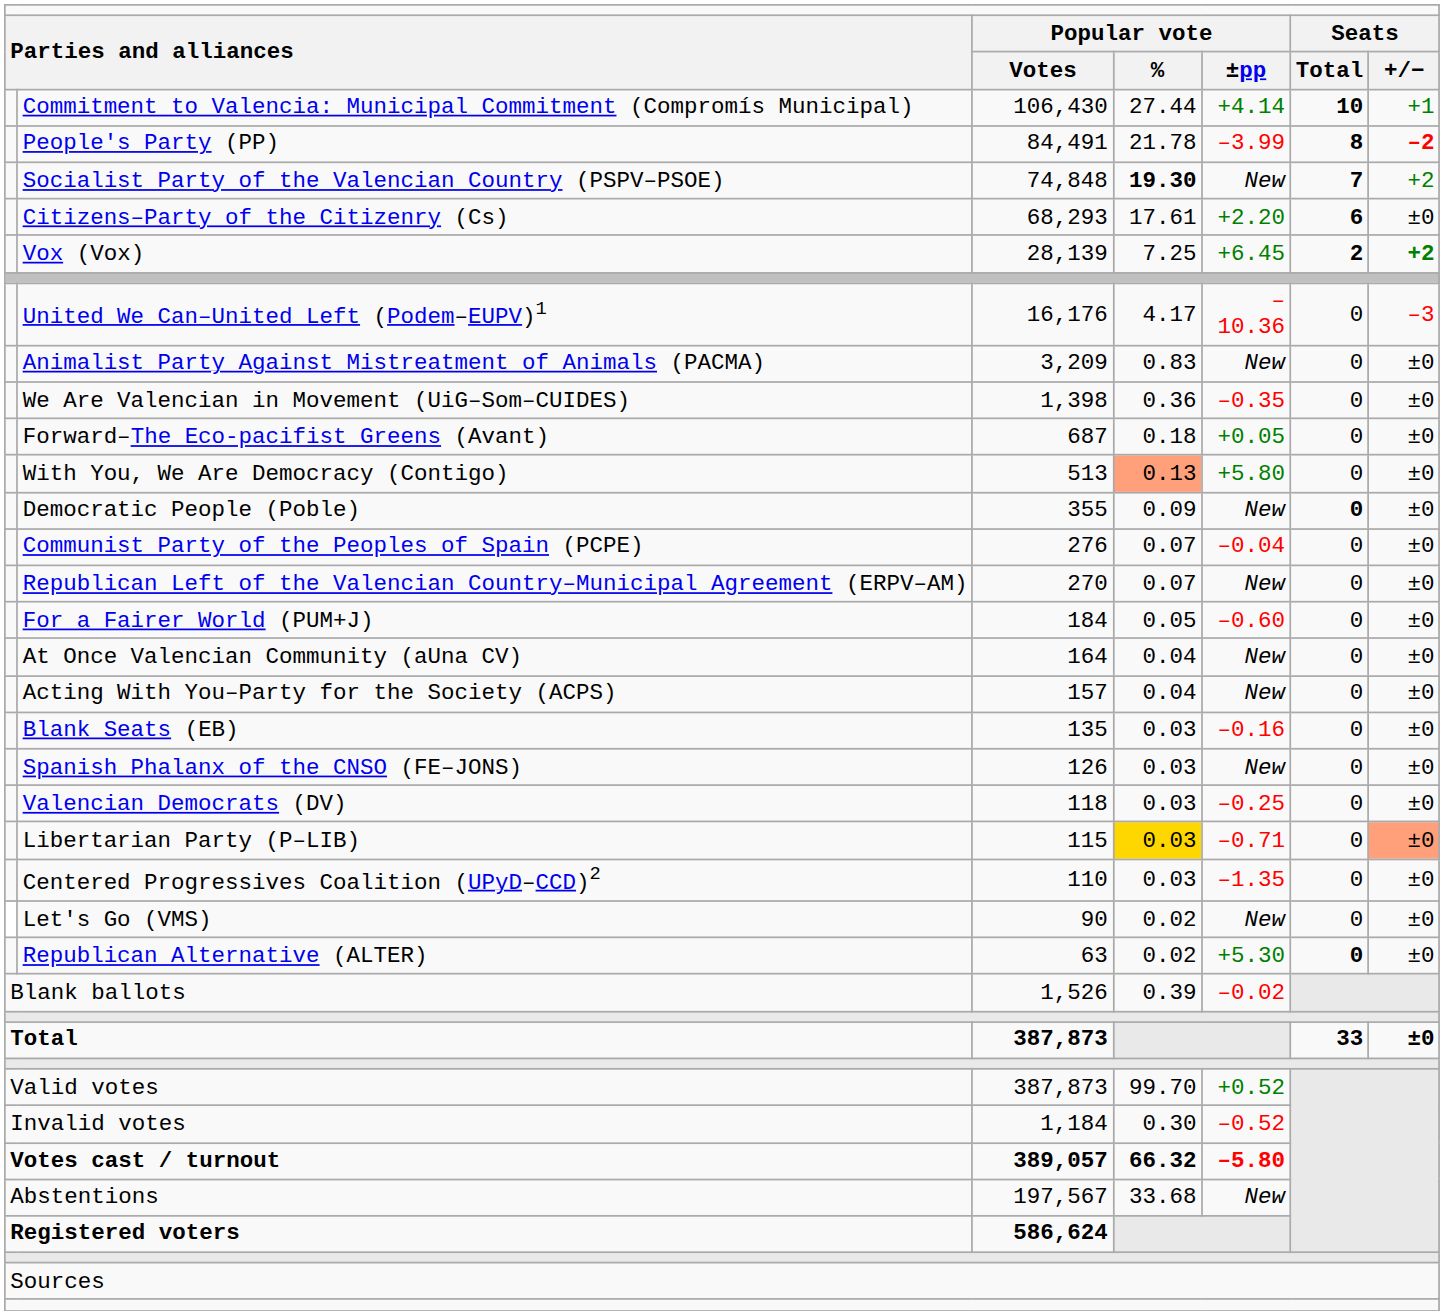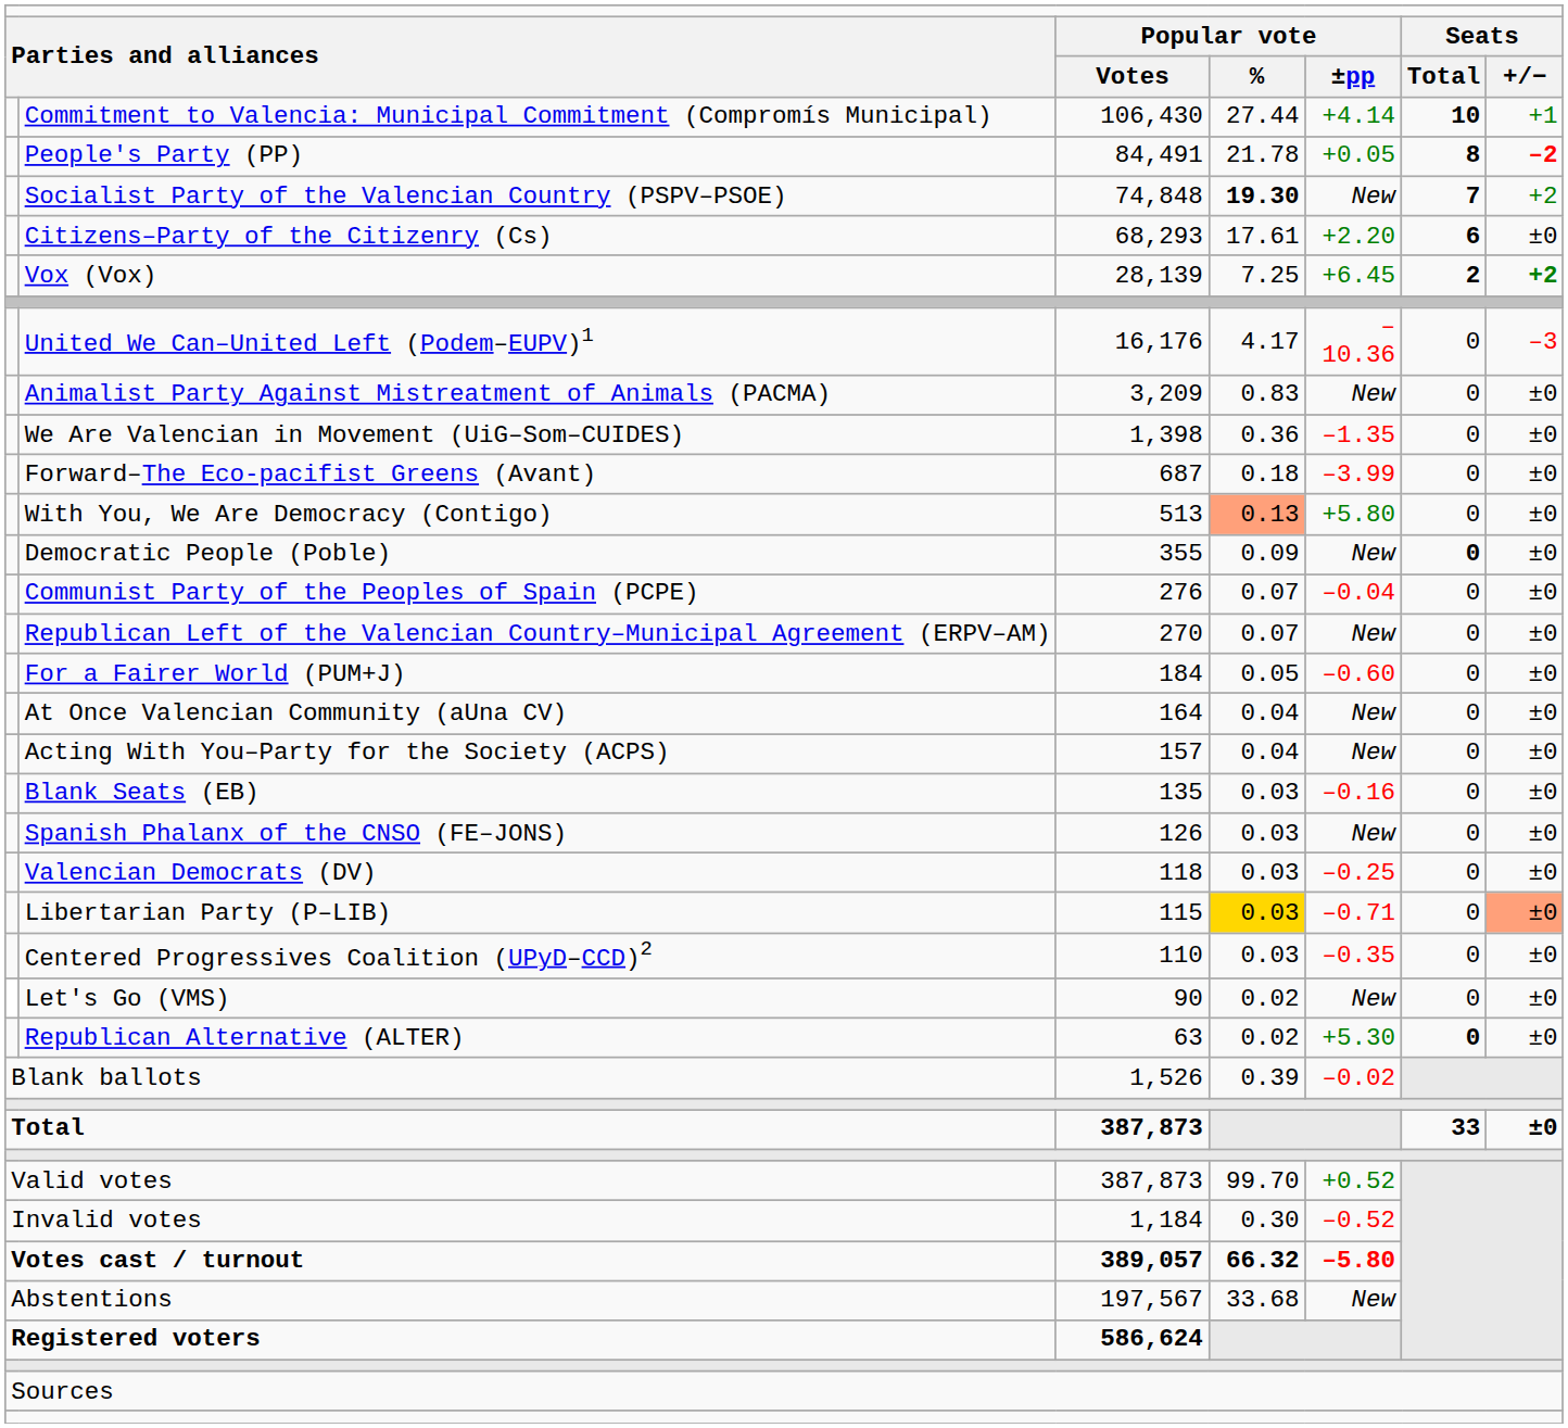 <table class="wikitable" style="text-align:right;">
 <tr>
 <td colspan="7"></td>
 </tr>
 <tr>
 <th style="text-align:left;" rowspan="2" colspan="2" width="525">Parties and alliances</th>
 <th colspan="3">Popular vote</th>
 <th colspan="2">Seats</th>
 </tr>
 <tr>
 <th width="75">Votes</th>
 <th width="45">%</th>
 <th width="45">±<a href='#'>pp</a></th>
 <th width="35">Total</th>
 <th width="35">+/−</th>
 </tr>
 <tr>
 <td width="1" style="color:inherit;background:"></td>
 <td align="left"><a href='#'>Commitment to Valencia: Municipal Commitment</a> (Compromís Municipal)</td>
 <td>106,430</td>
 <td>27.44</td>
 <td style="color:green;">+4.14</td>
 <td><strong>10</strong></td>
 <td style="color:green;">+1</td>
 </tr>
 <tr>
 <td style="color:inherit;background:"></td>
 <td align="left"><a href='#'>People's Party</a> (PP)</td>
 <td>84,491</td>
 <td>21.78</td>
-<td style="color:red;">–3.99</td>
+<td style="color:green;">+0.05</td>
 <td><strong>8</strong></td>
 <td style="color:red;"><strong>–2</strong></td>
 </tr>
 <tr>
 <td style="color:inherit;background:"></td>
 <td align="left"><a href='#'>Socialist Party of the Valencian Country</a> (PSPV–PSOE)</td>
 <td>74,848</td>
 <td><strong>19.30</strong></td>
 <td><em>New</em></td>
 <td><strong>7</strong></td>
 <td style="color:green;">+2</td>
 </tr>
 <tr>
 <td style="color:inherit;background:"></td>
 <td align="left"><a href='#'>Citizens–Party of the Citizenry</a> (Cs)</td>
 <td>68,293</td>
 <td>17.61</td>
 <td style="color:green;">+2.20</td>
 <td><strong>6</strong></td>
 <td>±0</td>
 </tr>
 <tr>
 <td style="color:inherit;background:"></td>
 <td align="left"><a href='#'>Vox</a> (Vox)</td>
 <td>28,139</td>
 <td>7.25</td>
 <td style="color:green;">+6.45</td>
 <td><strong>2</strong></td>
 <td style="color:green;"><strong>+2</strong></td>
 </tr>
 <tr>
 <td colspan="7" bgcolor="#C0C0C0"></td>
 </tr>
 <tr>
 <td style="color:inherit;background:"></td>
 <td align="left"><a href='#'>United We Can–United Left</a> (<a href='#'>Podem</a>–<a href='#'>EUPV</a>)<sup>1</sup></td>
 <td>16,176</td>
 <td>4.17</td>
 <td style="color:red;">–10.36</td>
 <td>0</td>
 <td style="color:red;">–3</td>
 </tr>
 <tr>
 <td style="color:inherit;background:"></td>
 <td align="left"><a href='#'>Animalist Party Against Mistreatment of Animals</a> (PACMA)</td>
 <td>3,209</td>
 <td>0.83</td>
 <td><em>New</em></td>
 <td>0</td>
 <td>±0</td>
 </tr>
 <tr>
 <td style="color:inherit;background:"></td>
 <td align="left">We Are Valencian in Movement (UiG–Som–CUIDES)</td>
 <td>1,398</td>
 <td>0.36</td>
-<td style="color:red;">–0.35</td>
+<td style="color:red;">–1.35</td>
 <td>0</td>
 <td>±0</td>
 </tr>
 <tr>
 <td style="color:inherit;background:"></td>
 <td align="left">Forward–<a href='#'>The Eco-pacifist Greens</a> (Avant)</td>
 <td>687</td>
 <td>0.18</td>
-<td style="color:green;">+0.05</td>
+<td style="color:red;">–3.99</td>
 <td>0</td>
 <td>±0</td>
 </tr>
 <tr>
 <td style="color:inherit;background:"></td>
 <td align="left">With You, We Are Democracy (Contigo)</td>
 <td>513</td>
 <td style="background: lightsalmon;">0.13</td>
 <td style="color:green;">+5.80</td>
 <td>0</td>
 <td>±0</td>
 </tr>
 <tr>
 <td style="color:inherit;background:"></td>
 <td align="left">Democratic People (Poble)</td>
 <td>355</td>
 <td>0.09</td>
 <td><em>New</em></td>
 <td><strong>0</strong></td>
 <td>±0</td>
 </tr>
 <tr>
 <td style="color:inherit;background:"></td>
 <td align="left"><a href='#'>Communist Party of the Peoples of Spain</a> (PCPE)</td>
 <td>276</td>
 <td>0.07</td>
 <td style="color:red;">–0.04</td>
 <td>0</td>
 <td>±0</td>
 </tr>
 <tr>
 <td style="color:inherit;background:"></td>
 <td align="left"><a href='#'>Republican Left of the Valencian Country–Municipal Agreement</a> (ERPV–AM)</td>
 <td>270</td>
 <td>0.07</td>
 <td><em>New</em></td>
 <td>0</td>
 <td>±0</td>
 </tr>
 <tr>
 <td style="color:inherit;background:"></td>
 <td align="left"><a href='#'>For a Fairer World</a> (PUM+J)</td>
 <td>184</td>
 <td>0.05</td>
 <td style="color:red;">–0.60</td>
 <td>0</td>
 <td>±0</td>
 </tr>
 <tr>
 <td style="color:inherit;background:"></td>
 <td align="left">At Once Valencian Community (aUna CV)</td>
 <td>164</td>
 <td>0.04</td>
 <td><em>New</em></td>
 <td>0</td>
 <td>±0</td>
 </tr>
 <tr>
 <td style="color:inherit;background:"></td>
 <td align="left">Acting With You–Party for the Society (ACPS)</td>
 <td>157</td>
 <td>0.04</td>
 <td><em>New</em></td>
 <td>0</td>
 <td>±0</td>
 </tr>
 <tr>
 <td style="color:inherit;background:"></td>
 <td align="left"><a href='#'>Blank Seats</a> (EB)</td>
 <td>135</td>
 <td>0.03</td>
 <td style="color:red;">–0.16</td>
 <td>0</td>
 <td>±0</td>
 </tr>
 <tr>
 <td style="color:inherit;background:"></td>
 <td align="left"><a href='#'>Spanish Phalanx of the CNSO</a> (FE–JONS)</td>
 <td>126</td>
 <td>0.03</td>
 <td><em>New</em></td>
 <td>0</td>
 <td>±0</td>
 </tr>
 <tr>
 <td style="color:inherit;background:"></td>
 <td align="left"><a href='#'>Valencian Democrats</a> (DV)</td>
 <td>118</td>
 <td>0.03</td>
 <td style="color:red;">–0.25</td>
 <td>0</td>
 <td>±0</td>
 </tr>
 <tr>
 <td style="color:inherit;background:"></td>
 <td align="left">Libertarian Party (P–LIB)</td>
 <td>115</td>
 <td style="background: gold;">0.03</td>
 <td style="color:red;">–0.71</td>
 <td>0</td>
 <td style="background: lightsalmon;">±0</td>
 </tr>
 <tr>
 <td style="color:inherit;background:"></td>
 <td align="left">Centered Progressives Coalition (<a href='#'>UPyD</a>–<a href='#'>CCD</a>)<sup>2</sup></td>
 <td>110</td>
 <td>0.03</td>
-<td style="color:red;">–1.35</td>
+<td style="color:red;">–0.35</td>
 <td>0</td>
 <td>±0</td>
 </tr>
 <tr>
 <td bgcolor="white"></td>
 <td align="left">Let's Go (VMS)</td>
 <td>90</td>
 <td>0.02</td>
 <td><em>New</em></td>
 <td>0</td>
 <td>±0</td>
 </tr>
 <tr>
 <td style="color:inherit;background:"></td>
 <td align="left"><a href='#'>Republican Alternative</a> (ALTER)</td>
 <td>63</td>
 <td>0.02</td>
 <td style="color:green;">+5.30</td>
 <td><strong>0</strong></td>
 <td>±0</td>
 </tr>
 <tr>
 <td align="left" colspan="2">Blank ballots</td>
 <td>1,526</td>
 <td>0.39</td>
 <td style="color:red;">–0.02</td>
 <td bgcolor="#E9E9E9" colspan="2"></td>
 </tr>
 <tr>
 <td colspan="7" bgcolor="#E9E9E9"></td>
 </tr>
 <tr style="font-weight:bold;">
 <td align="left" colspan="2">Total</td>
 <td>387,873</td>
 <td bgcolor="#E9E9E9" colspan="2"></td>
 <td>33</td>
 <td>±0</td>
 </tr>
 <tr>
 <td colspan="7" bgcolor="#E9E9E9"></td>
 </tr>
 <tr>
 <td align="left" colspan="2">Valid votes</td>
 <td>387,873</td>
 <td>99.70</td>
 <td style="color:green;">+0.52</td>
 <td bgcolor="#E9E9E9" colspan="2" rowspan="5"></td>
 </tr>
 <tr>
 <td align="left" colspan="2">Invalid votes</td>
 <td>1,184</td>
 <td>0.30</td>
 <td style="color:red;">–0.52</td>
 </tr>
 <tr style="font-weight:bold;">
 <td align="left" colspan="2">Votes cast / turnout</td>
 <td>389,057</td>
 <td>66.32</td>
 <td style="color:red;">–5.80</td>
 </tr>
 <tr>
 <td align="left" colspan="2">Abstentions</td>
 <td>197,567</td>
 <td>33.68</td>
 <td><em>New</em></td>
 </tr>
 <tr style="font-weight:bold;">
 <td align="left" colspan="2">Registered voters</td>
 <td>586,624</td>
 <td bgcolor="#E9E9E9" colspan="2"></td>
 </tr>
 <tr>
 <td colspan="7" bgcolor="#E9E9E9"></td>
 </tr>
 <tr>
 <td align="left" colspan="7">Sources</td>
 </tr>
 <tr>
 <td colspan="7" style="text-align:left; max-width:790px;"></td>
 </tr>
 </table>
